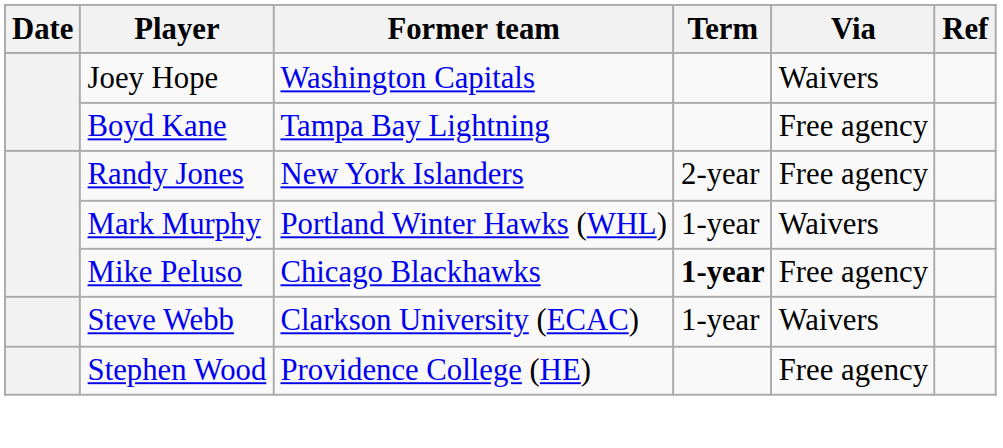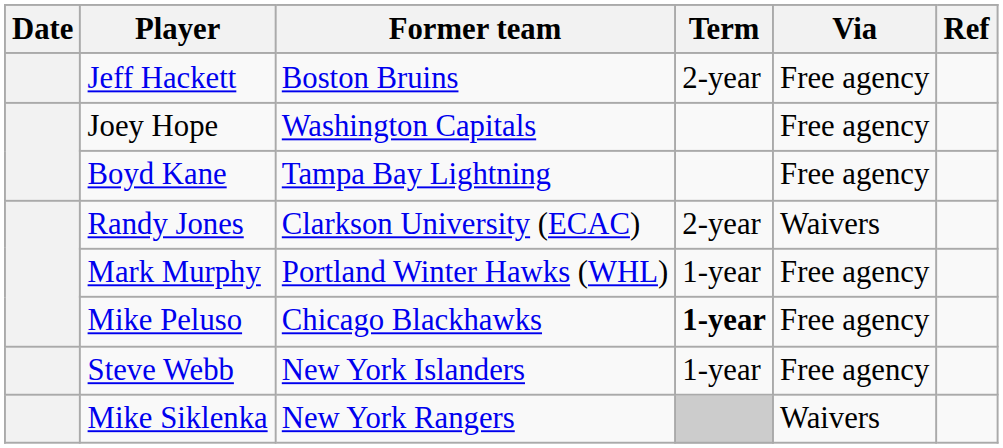 <table class="wikitable plainrowheaders">
 <tr style="background:#ddd; text-align:center;">
 <th>Date</th>
 <th>Player</th>
 <th>Former team</th>
 <th>Term</th>
 <th>Via</th>
 <th>Ref</th>
 </tr>
 <tr>
+<th scope="row"></th>
+<td><a href='#'>Jeff Hackett</a></td>
+<td><a href='#'>Boston Bruins</a></td>
+<td>2-year</td>
+<td>Free agency</td>
+<td></td>
+</tr>
+<tr>
 <th scope="row" rowspan=2></th>
 <td>Joey Hope</td>
 <td><a href='#'>Washington Capitals</a></td>
 <td></td>
-<td>Waivers</td>
+<td>Free agency</td>
 <td></td>
 </tr>
 <tr>
 <td><a href='#'>Boyd Kane</a></td>
 <td><a href='#'>Tampa Bay Lightning</a></td>
 <td></td>
 <td>Free agency</td>
 <td></td>
 </tr>
 <tr>
 <th scope="row" rowspan=3></th>
 <td><a href='#'>Randy Jones</a></td>
-<td><a href='#'>New York Islanders</a></td>
+<td><a href='#'>Clarkson University</a> (<a href='#'>ECAC</a>)</td>
 <td>2-year</td>
-<td>Free agency</td>
+<td>Waivers</td>
 <td></td>
 </tr>
 <tr>
 <td><a href='#'>Mark Murphy</a></td>
 <td><a href='#'>Portland Winter Hawks</a> (<a href='#'>WHL</a>)</td>
 <td>1-year</td>
-<td>Waivers</td>
+<td>Free agency</td>
 <td></td>
 </tr>
 <tr>
 <td><a href='#'>Mike Peluso</a></td>
 <td><a href='#'>Chicago Blackhawks</a></td>
 <td><strong>1-year</strong></td>
 <td>Free agency</td>
 <td></td>
 </tr>
 <tr>
 <th scope="row"></th>
 <td><a href='#'>Steve Webb</a></td>
-<td><a href='#'>Clarkson University</a> (<a href='#'>ECAC</a>)</td>
+<td><a href='#'>New York Islanders</a></td>
 <td>1-year</td>
-<td>Waivers</td>
+<td>Free agency</td>
 <td></td>
 </tr>
 <tr>
 <th scope="row"></th>
-<td><a href='#'>Stephen Wood</a></td>
-<td><a href='#'>Providence College</a> (<a href='#'>HE</a>)</td>
-<td></td>
-<td>Free agency</td>
+<td><a href='#'>Mike Siklenka</a></td>
+<td><a href='#'>New York Rangers</a></td>
+<td style="background:#ccc"></td>
+<td>Waivers</td>
 <td></td>
 </tr>
 </table>
